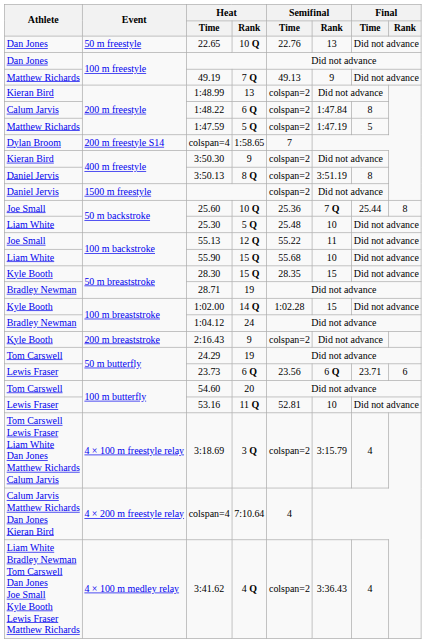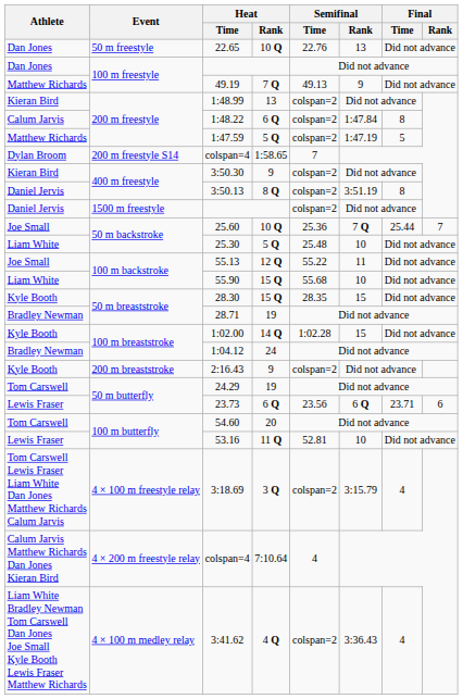 <table class=wikitable style=font-size:90%>
 <tr>
 <th rowspan=2>Athlete</th>
 <th rowspan=2>Event</th>
 <th colspan=2>Heat</th>
 <th colspan=2>Semifinal</th>
 <th colspan=2>Final</th>
 </tr>
 <tr style=font-size:95%>
 <th>Time</th>
 <th>Rank</th>
 <th>Time</th>
 <th>Rank</th>
 <th>Time</th>
 <th>Rank</th>
 </tr>
 <tr align=center>
 <td align=left><a href='#'>Dan Jones</a></td>
 <td align=left rowspan="1"><a href='#'>50 m freestyle</a></td>
 <td>22.65</td>
 <td>10 <strong>Q</strong></td>
 <td>22.76</td>
 <td>13</td>
 <td colspan=2>Did not advance</td>
 </tr>
 <tr align=center>
 <td align=left><a href='#'>Dan Jones</a></td>
 <td align=left rowspan="2"><a href='#'>100 m freestyle</a></td>
 <td colspan=2></td>
 <td colspan=4>Did not advance</td>
 </tr>
 <tr align=center>
 <td align=left><a href='#'>Matthew Richards</a></td>
 <td>49.19</td>
 <td>7 <strong>Q</strong></td>
 <td>49.13</td>
 <td>9</td>
 <td colspan=2>Did not advance</td>
 </tr>
 <tr align=center>
 <td align=left><a href='#'>Kieran Bird</a></td>
 <td align=left rowspan="3"><a href='#'>200 m freestyle</a></td>
 <td>1:48.99</td>
 <td>13</td>
 <td>colspan=2 </td>
 <td colspan=2>Did not advance</td>
 </tr>
 <tr align=center>
 <td align=left><a href='#'>Calum Jarvis</a></td>
 <td>1:48.22</td>
 <td>6 <strong>Q</strong></td>
 <td>colspan=2 </td>
 <td>1:47.84</td>
 <td>8</td>
 </tr>
 <tr align=center>
 <td align=left><a href='#'>Matthew Richards</a></td>
 <td>1:47.59</td>
 <td>5 <strong>Q</strong></td>
 <td>colspan=2 </td>
 <td>1:47.19</td>
 <td>5</td>
 </tr>
 <tr align=center>
 <td align=left><a href='#'>Dylan Broom</a></td>
 <td align=left rowspan="1"><a href='#'>200 m freestyle S14</a></td>
 <td>colspan=4 </td>
 <td>1:58.65</td>
 <td>7</td>
 </tr>
 <tr align=center>
 <td align=left><a href='#'>Kieran Bird</a></td>
 <td align=left rowspan="2"><a href='#'>400 m freestyle</a></td>
 <td>3:50.30</td>
 <td>9</td>
 <td>colspan=2 </td>
 <td colspan=2>Did not advance</td>
 </tr>
 <tr align=center>
 <td align=left><a href='#'>Daniel Jervis</a></td>
 <td>3:50.13</td>
 <td>8 <strong>Q</strong></td>
 <td>colspan=2 </td>
 <td>3:51.19</td>
 <td>8</td>
 </tr>
 <tr align=center>
 <td align=left><a href='#'>Daniel Jervis</a></td>
 <td align=left rowspan="1"><a href='#'>1500 m freestyle</a></td>
 <td colspan=2></td>
 <td>colspan=2 </td>
 <td colspan=2>Did not advance</td>
 </tr>
 <tr align=center>
 <td align=left><a href='#'>Joe Small</a></td>
 <td align=left rowspan=2><a href='#'>50 m backstroke</a></td>
 <td>25.60</td>
 <td>10 <strong>Q</strong></td>
 <td>25.36</td>
 <td>7 <strong>Q</strong></td>
 <td>25.44</td>
-<td>8</td>
+<td>7</td>
 </tr>
 <tr align=center>
 <td align=left><a href='#'>Liam White</a></td>
 <td>25.30</td>
 <td>5 <strong>Q</strong></td>
 <td>25.48</td>
 <td>10</td>
 <td colspan=2>Did not advance</td>
 </tr>
 <tr align=center>
 <td align=left><a href='#'>Joe Small</a></td>
 <td align=left rowspan=2><a href='#'>100 m backstroke</a></td>
 <td>55.13</td>
 <td>12 <strong>Q</strong></td>
 <td>55.22</td>
 <td>11</td>
 <td colspan=2>Did not advance</td>
 </tr>
 <tr align=center>
 <td align=left><a href='#'>Liam White</a></td>
 <td>55.90</td>
 <td>15 <strong>Q</strong></td>
 <td>55.68</td>
 <td>10</td>
 <td colspan=2>Did not advance</td>
 </tr>
 <tr align=center>
 <td align=left><a href='#'>Kyle Booth</a></td>
 <td align=left rowspan=2><a href='#'>50 m breaststroke</a></td>
 <td>28.30</td>
 <td>15 <strong>Q</strong></td>
 <td>28.35</td>
 <td>15</td>
 <td colspan=2>Did not advance</td>
 </tr>
 <tr align=center>
 <td align=left><a href='#'>Bradley Newman</a></td>
 <td>28.71</td>
 <td>19</td>
 <td colspan=4>Did not advance</td>
 </tr>
 <tr align=center>
 <td align=left><a href='#'>Kyle Booth</a></td>
 <td align=left rowspan="2"><a href='#'>100 m breaststroke</a></td>
 <td>1:02.00</td>
 <td>14 <strong>Q</strong></td>
 <td>1:02.28</td>
 <td>15</td>
 <td colspan=2>Did not advance</td>
 </tr>
 <tr align=center>
 <td align=left><a href='#'>Bradley Newman</a></td>
 <td>1:04.12</td>
 <td>24</td>
 <td colspan=4>Did not advance</td>
 </tr>
 <tr align=center>
 <td align=left><a href='#'>Kyle Booth</a></td>
 <td align=left rowspan="1"><a href='#'>200 m breaststroke</a></td>
 <td>2:16.43</td>
 <td>9</td>
 <td>colspan=2 </td>
 <td colspan=2>Did not advance</td>
 </tr>
 <tr align=center>
 <td align=left><a href='#'>Tom Carswell</a></td>
 <td align=left rowspan="2"><a href='#'>50 m butterfly</a></td>
 <td>24.29</td>
 <td>19</td>
 <td colspan=4>Did not advance</td>
 </tr>
 <tr align=center>
 <td align=left><a href='#'>Lewis Fraser</a></td>
 <td>23.73</td>
 <td>6 <strong>Q</strong></td>
 <td>23.56</td>
 <td>6 <strong>Q</strong></td>
 <td>23.71</td>
 <td>6</td>
 </tr>
 <tr align=center>
 <td align=left><a href='#'>Tom Carswell</a></td>
 <td align=left rowspan="2"><a href='#'>100 m butterfly</a></td>
 <td>54.60</td>
 <td>20</td>
 <td colspan=4>Did not advance</td>
 </tr>
 <tr align=center>
 <td align=left><a href='#'>Lewis Fraser</a></td>
 <td>53.16</td>
 <td>11 <strong>Q</strong></td>
 <td>52.81</td>
 <td>10</td>
 <td colspan=2>Did not advance</td>
 </tr>
 <tr align=center>
 <td align=left><a href='#'>Tom Carswell</a><br><a href='#'>Lewis Fraser</a><br><a href='#'>Liam White</a><br><a href='#'>Dan Jones</a><br><a href='#'>Matthew Richards</a><br><a href='#'>Calum Jarvis</a></td>
 <td align=left><a href='#'>4 × 100 m freestyle relay</a></td>
 <td>3:18.69</td>
 <td>3 <strong>Q</strong></td>
 <td>colspan=2 </td>
 <td>3:15.79</td>
 <td>4</td>
 </tr>
 <tr align=center>
 <td align=left><a href='#'>Calum Jarvis</a><br><a href='#'>Matthew Richards</a><br><a href='#'>Dan Jones</a><br><a href='#'>Kieran Bird</a></td>
 <td align=left><a href='#'>4 × 200 m freestyle relay</a></td>
 <td>colspan=4 </td>
 <td>7:10.64</td>
 <td>4</td>
 </tr>
 <tr align=center>
 <td align=left><a href='#'>Liam White</a><br><a href='#'>Bradley Newman</a><br><a href='#'>Tom Carswell</a><br><a href='#'>Dan Jones</a><br><a href='#'>Joe Small</a><br><a href='#'>Kyle Booth</a><br><a href='#'>Lewis Fraser</a><br><a href='#'>Matthew Richards</a></td>
 <td align=left><a href='#'>4 × 100 m medley relay</a></td>
 <td>3:41.62</td>
 <td>4 <strong>Q</strong></td>
 <td>colspan=2 </td>
 <td>3:36.43</td>
 <td>4</td>
 </tr>
 </table>
